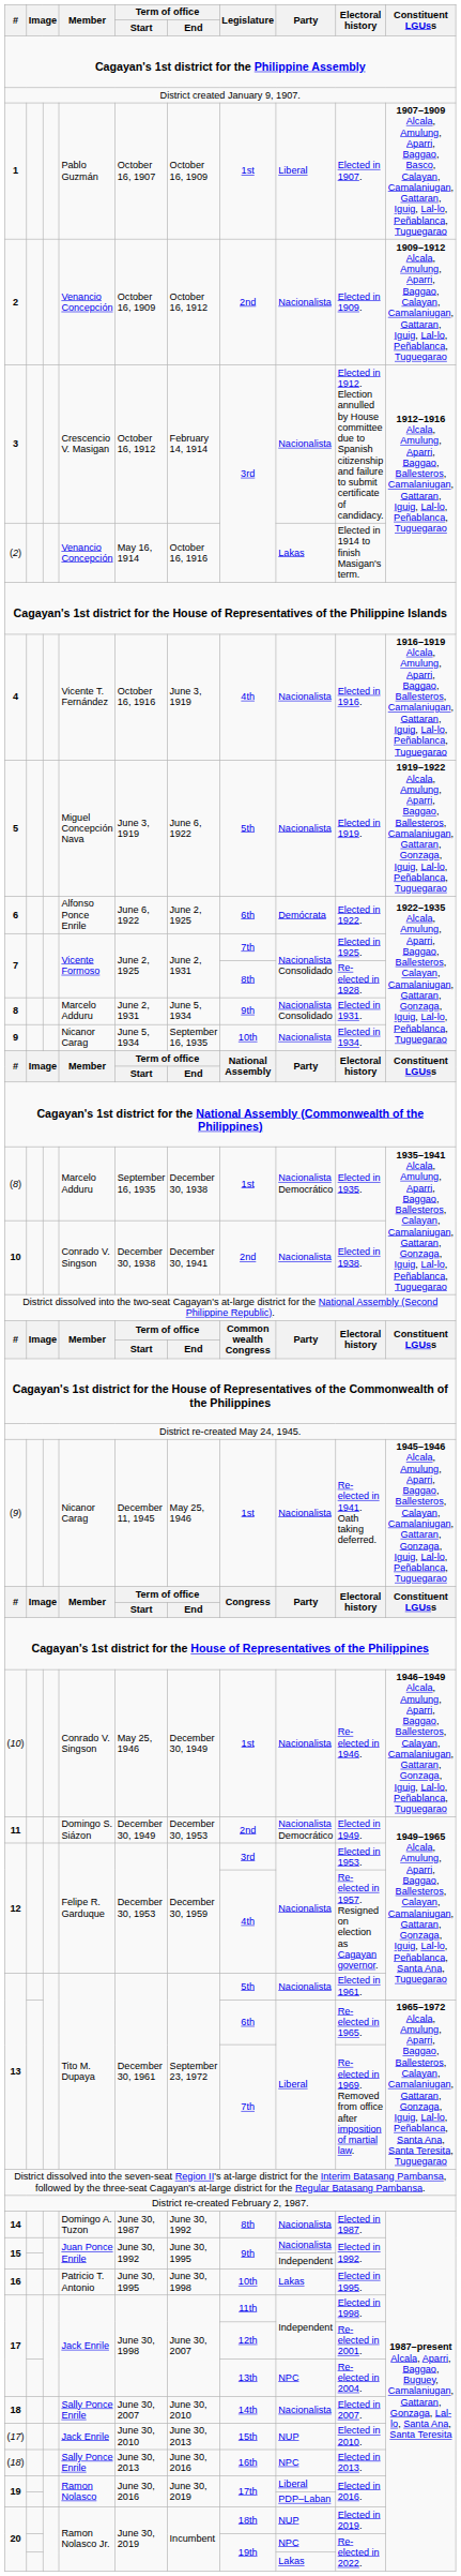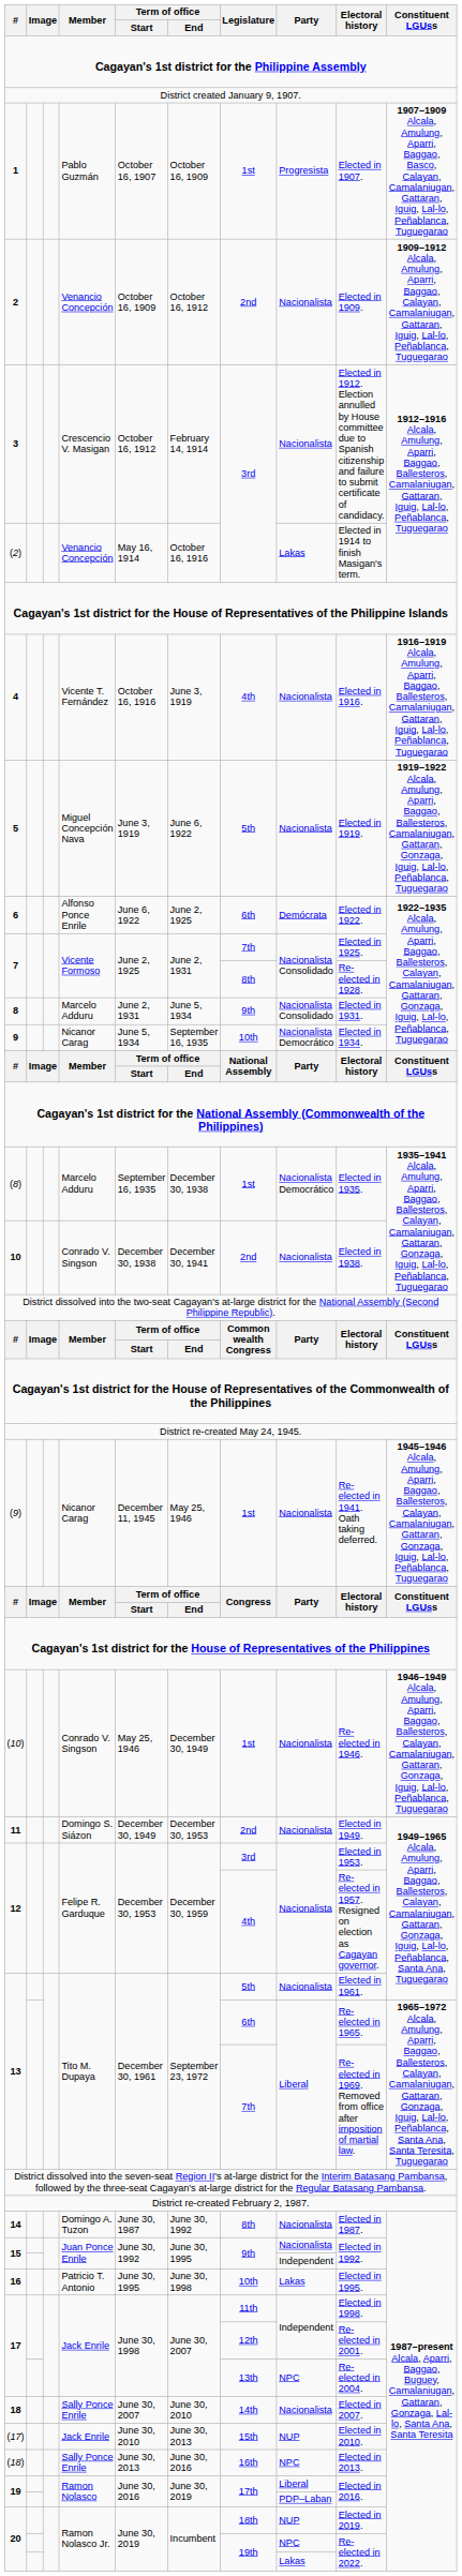 <table class=wikitable>
 <tr>
 <th rowspan="2">#</th>
 <th rowspan="2" colspan=2>Image</th>
 <th rowspan="2">Member</th>
 <th colspan=2>Term of office</th>
 <th rowspan="2">Legislature</th>
 <th rowspan="2">Party</th>
 <th rowspan="2">Electoral history</th>
 <th rowspan="2">Constituent<br><a href='#'>LGUs</a>s</th>
 </tr>
 <tr>
 <th>Start</th>
 <th>End</th>
 </tr>
 <tr>
 <td colspan="10" style="text-align:center;"><br><h3>Cagayan's 1st district for the <a href='#'>Philippine Assembly</a></h3></td>
 </tr>
 <tr>
 <td colspan="10" style="text-align:center;">District created January 9, 1907.</td>
 </tr>
 <tr>
 <td style="text-align:center;"><strong>1</strong></td>
 <td style="color:inherit;background:"></td>
 <td></td>
 <td>Pablo Guzmán</td>
 <td>October 16, 1907</td>
 <td>October 16, 1909</td>
 <td style="text-align:center;"><a href='#'>1st</a></td>
-<td><a href='#'>Liberal</a></td>
+<td><a href='#'>Progresista</a></td>
 <td><a href='#'>Elected in 1907</a>.</td>
 <td style="text-align:center;"><strong>1907–1909</strong><br><a href='#'>Alcala</a>, <a href='#'>Amulung</a>, <a href='#'>Aparri</a>, <a href='#'>Baggao</a>, <a href='#'>Basco</a>, <a href='#'>Calayan</a>, <a href='#'>Camalaniugan</a>, <a href='#'>Gattaran</a>, <a href='#'>Iguig</a>, <a href='#'>Lal-lo</a>, <a href='#'>Peñablanca</a>, <a href='#'>Tuguegarao</a></td>
 </tr>
 <tr>
 <td style="text-align:center;"><strong>2</strong></td>
 <td style="color:inherit;background:"></td>
 <td></td>
 <td><a href='#'>Venancio Concepción</a></td>
 <td>October 16, 1909</td>
 <td>October 16, 1912</td>
 <td style="text-align:center;"><a href='#'>2nd</a></td>
 <td><a href='#'>Nacionalista</a></td>
 <td><a href='#'>Elected in 1909</a>.</td>
 <td style="text-align:center;"><strong>1909–1912</strong><br><a href='#'>Alcala</a>, <a href='#'>Amulung</a>, <a href='#'>Aparri</a>, <a href='#'>Baggao</a>, <a href='#'>Calayan</a>, <a href='#'>Camalaniugan</a>, <a href='#'>Gattaran</a>, <a href='#'>Iguig</a>, <a href='#'>Lal-lo</a>, <a href='#'>Peñablanca</a>, <a href='#'>Tuguegarao</a></td>
 </tr>
 <tr>
 <td style="text-align:center;"><strong>3</strong></td>
 <td style="color:inherit;background:"></td>
 <td></td>
 <td>Crescencio V. Masigan</td>
 <td>October 16, 1912</td>
 <td>February 14, 1914</td>
 <td rowspan="2" style="text-align:center;"><a href='#'>3rd</a></td>
 <td><a href='#'>Nacionalista</a></td>
 <td><a href='#'>Elected in 1912</a>.<br>Election annulled by House committee due to Spanish citizenship and failure to submit certificate of candidacy.</td>
 <td rowspan="2" style="text-align:center;"><strong>1912–1916</strong><br><a href='#'>Alcala</a>, <a href='#'>Amulung</a>, <a href='#'>Aparri</a>, <a href='#'>Baggao</a>, <a href='#'>Ballesteros</a>, <a href='#'>Camalaniugan</a>, <a href='#'>Gattaran</a>, <a href='#'>Iguig</a>, <a href='#'>Lal-lo</a>, <a href='#'>Peñablanca</a>, <a href='#'>Tuguegarao</a></td>
 </tr>
 <tr>
 <td style="text-align:center;">(<em>2</em>)</td>
 <td style="color:inherit;background:"></td>
 <td></td>
 <td><a href='#'>Venancio Concepción</a></td>
 <td>May 16, 1914</td>
 <td>October 16, 1916</td>
 <td><a href='#'>Lakas</a></td>
 <td>Elected in 1914 to finish Masigan's term.</td>
 </tr>
 <tr>
 <td colspan="10" style="text-align:center;"><br><h3>Cagayan's 1st district for the House of Representatives of the Philippine Islands</h3></td>
 </tr>
 <tr>
 <td style="text-align:center;"><strong>4</strong></td>
 <td style="color:inherit;background:"></td>
 <td></td>
 <td>Vicente T. Fernández</td>
 <td>October 16, 1916</td>
 <td>June 3, 1919</td>
 <td style="text-align:center;"><a href='#'>4th</a></td>
 <td><a href='#'>Nacionalista</a></td>
 <td><a href='#'>Elected in 1916</a>.</td>
 <td style="text-align:center;"><strong>1916–1919</strong><br><a href='#'>Alcala</a>, <a href='#'>Amulung</a>, <a href='#'>Aparri</a>, <a href='#'>Baggao</a>, <a href='#'>Ballesteros</a>, <a href='#'>Camalaniugan</a>, <a href='#'>Gattaran</a>, <a href='#'>Iguig</a>, <a href='#'>Lal-lo</a>, <a href='#'>Peñablanca</a>, <a href='#'>Tuguegarao</a></td>
 </tr>
 <tr>
 <td style="text-align:center;"><strong>5</strong></td>
 <td style="color:inherit;background:"></td>
 <td></td>
 <td>Miguel Concepción Nava</td>
 <td>June 3, 1919</td>
 <td>June 6, 1922</td>
 <td style="text-align:center;"><a href='#'>5th</a></td>
 <td><a href='#'>Nacionalista</a></td>
 <td><a href='#'>Elected in 1919</a>.</td>
 <td style="text-align:center;"><strong>1919–1922</strong><br><a href='#'>Alcala</a>, <a href='#'>Amulung</a>, <a href='#'>Aparri</a>, <a href='#'>Baggao</a>, <a href='#'>Ballesteros</a>, <a href='#'>Camalaniugan</a>, <a href='#'>Gattaran</a>, <a href='#'>Gonzaga</a>, <a href='#'>Iguig</a>, <a href='#'>Lal-lo</a>, <a href='#'>Peñablanca</a>, <a href='#'>Tuguegarao</a></td>
 </tr>
 <tr>
 <td style="text-align:center;"><strong>6</strong></td>
 <td style="color:inherit;background:"></td>
 <td></td>
 <td>Alfonso Ponce Enrile</td>
 <td>June 6, 1922</td>
 <td>June 2, 1925</td>
 <td style="text-align:center;"><a href='#'>6th</a></td>
 <td><a href='#'>Demócrata</a></td>
 <td><a href='#'>Elected in 1922</a>.</td>
 <td rowspan="5" style="text-align:center;"><strong>1922–1935</strong><br><a href='#'>Alcala</a>, <a href='#'>Amulung</a>, <a href='#'>Aparri</a>, <a href='#'>Baggao</a>, <a href='#'>Ballesteros</a>, <a href='#'>Calayan</a>, <a href='#'>Camalaniugan</a>, <a href='#'>Gattaran</a>, <a href='#'>Gonzaga</a>, <a href='#'>Iguig</a>, <a href='#'>Lal-lo</a>, <a href='#'>Peñablanca</a>, <a href='#'>Tuguegarao</a></td>
 </tr>
 <tr>
 <td rowspan="2" style="text-align:center;"><strong>7</strong></td>
 <td rowspan="2" style="color:inherit;background:"></td>
 <td rowspan="2"></td>
 <td rowspan="2"><a href='#'>Vicente Formoso</a></td>
 <td rowspan="2">June 2, 1925</td>
 <td rowspan="2">June 2, 1931</td>
 <td style="text-align:center;"><a href='#'>7th</a></td>
 <td rowspan="2"><a href='#'>Nacionalista</a><br>Consolidado</td>
 <td><a href='#'>Elected in 1925</a>.</td>
 </tr>
 <tr>
 <td style="text-align:center;"><a href='#'>8th</a></td>
 <td><a href='#'>Re-elected in 1928</a>.</td>
 </tr>
 <tr>
 <td style="text-align:center;"><strong>8</strong></td>
 <td style="color:inherit;background:"></td>
 <td></td>
 <td>Marcelo Adduru</td>
 <td>June 2, 1931</td>
 <td>June 5, 1934</td>
 <td style="text-align:center;"><a href='#'>9th</a></td>
 <td><a href='#'>Nacionalista</a><br>Consolidado</td>
 <td><a href='#'>Elected in 1931</a>.</td>
 </tr>
 <tr>
 <td style="text-align:center;"><strong>9</strong></td>
 <td style="color:inherit;background:"></td>
 <td></td>
 <td>Nicanor Carag</td>
 <td>June 5, 1934</td>
 <td>September 16, 1935</td>
 <td style="text-align:center;"><a href='#'>10th</a></td>
-<td><a href='#'>Nacionalista</a></td>
+<td><a href='#'>Nacionalista</a><br>Democrático</td>
 <td><a href='#'>Elected in 1934</a>.</td>
 </tr>
 <tr>
 <th rowspan="2">#</th>
 <th rowspan="2" colspan=2>Image</th>
 <th rowspan="2">Member</th>
 <th colspan=2>Term of office</th>
 <th rowspan="2">National<br>Assembly</th>
 <th rowspan="2">Party</th>
 <th rowspan="2">Electoral history</th>
 <th rowspan="2">Constituent<br><a href='#'>LGUs</a>s</th>
 </tr>
 <tr>
 <th>Start</th>
 <th>End</th>
 </tr>
 <tr>
 <td colspan="10" style="text-align:center;"><br><h3>Cagayan's 1st district for the <a href='#'>National Assembly (Commonwealth of the Philippines)</a></h3></td>
 </tr>
 <tr>
 <td style="text-align:center;">(<em>8</em>)</td>
 <td style="color:inherit;background:"></td>
 <td></td>
 <td>Marcelo Adduru</td>
 <td>September 16, 1935</td>
 <td>December 30, 1938</td>
 <td style="text-align:center;"><a href='#'>1st</a></td>
 <td><a href='#'>Nacionalista</a><br>Democrático</td>
 <td><a href='#'>Elected in 1935</a>.</td>
 <td rowspan="2" style="text-align:center;"><strong>1935–1941</strong><br><a href='#'>Alcala</a>, <a href='#'>Amulung</a>, <a href='#'>Aparri</a>, <a href='#'>Baggao</a>, <a href='#'>Ballesteros</a>, <a href='#'>Calayan</a>, <a href='#'>Camalaniugan</a>, <a href='#'>Gattaran</a>, <a href='#'>Gonzaga</a>, <a href='#'>Iguig</a>, <a href='#'>Lal-lo</a>, <a href='#'>Peñablanca</a>, <a href='#'>Tuguegarao</a></td>
 </tr>
 <tr>
 <td style="text-align:center;"><strong>10</strong></td>
 <td style="color:inherit;background:"></td>
 <td></td>
 <td>Conrado V. Singson</td>
 <td>December 30, 1938</td>
 <td>December 30, 1941</td>
 <td style="text-align:center;"><a href='#'>2nd</a></td>
 <td><a href='#'>Nacionalista</a></td>
 <td><a href='#'>Elected in 1938</a>.</td>
 </tr>
 <tr>
 <td colspan="10" style="text-align:center;">District dissolved into the two-seat Cagayan's at-large district for the <a href='#'>National Assembly (Second Philippine Republic)</a>.</td>
 </tr>
 <tr>
 <th rowspan="2">#</th>
 <th rowspan="2" colspan=2>Image</th>
 <th rowspan="2">Member</th>
 <th colspan=2>Term of office</th>
 <th rowspan="2">Common<br>wealth<br>Congress</th>
 <th rowspan="2">Party</th>
 <th rowspan="2">Electoral history</th>
 <th rowspan="2">Constituent<br><a href='#'>LGUs</a>s</th>
 </tr>
 <tr>
 <th>Start</th>
 <th>End</th>
 </tr>
 <tr>
 <td colspan="10" style="text-align:center;"><br><h3>Cagayan's 1st district for the House of Representatives of the Commonwealth of the Philippines</h3></td>
 </tr>
 <tr>
 <td colspan="10" style="text-align:center;">District re-created May 24, 1945.</td>
 </tr>
 <tr>
 <td style="text-align:center;">(<em>9</em>)</td>
 <td style="color:inherit;background:"></td>
 <td></td>
 <td>Nicanor Carag</td>
 <td>December  11, 1945</td>
 <td>May 25, 1946</td>
 <td style="text-align:center;"><a href='#'>1st</a></td>
 <td><a href='#'>Nacionalista</a></td>
 <td><a href='#'>Re-elected in 1941</a>.<br>Oath taking deferred.</td>
 <td style="text-align:center;"><strong>1945–1946</strong><br><a href='#'>Alcala</a>, <a href='#'>Amulung</a>, <a href='#'>Aparri</a>, <a href='#'>Baggao</a>, <a href='#'>Ballesteros</a>, <a href='#'>Calayan</a>, <a href='#'>Camalaniugan</a>, <a href='#'>Gattaran</a>, <a href='#'>Gonzaga</a>, <a href='#'>Iguig</a>, <a href='#'>Lal-lo</a>, <a href='#'>Peñablanca</a>, <a href='#'>Tuguegarao</a></td>
 </tr>
 <tr>
 <th rowspan="2">#</th>
 <th rowspan="2" colspan=2>Image</th>
 <th rowspan="2">Member</th>
 <th colspan=2>Term of office</th>
 <th rowspan="2">Congress</th>
 <th rowspan="2">Party</th>
 <th rowspan="2">Electoral history</th>
 <th rowspan="2">Constituent<br><a href='#'>LGUs</a>s</th>
 </tr>
 <tr>
 <th>Start</th>
 <th>End</th>
 </tr>
 <tr>
 <td colspan="10" style="text-align:center;"><br><h3>Cagayan's 1st district for the <a href='#'>House of Representatives of the Philippines</a></h3></td>
 </tr>
 <tr>
 <td style="text-align:center;">(<em>10</em>)</td>
 <td style="color:inherit;background:"></td>
 <td></td>
 <td>Conrado V. Singson</td>
 <td>May 25, 1946</td>
 <td>December 30, 1949</td>
 <td style="text-align:center;"><a href='#'>1st</a></td>
 <td><a href='#'>Nacionalista</a></td>
 <td><a href='#'>Re-elected in 1946</a>.</td>
 <td style="text-align:center;"><strong>1946–1949</strong><br><a href='#'>Alcala</a>, <a href='#'>Amulung</a>, <a href='#'>Aparri</a>, <a href='#'>Baggao</a>, <a href='#'>Ballesteros</a>, <a href='#'>Calayan</a>, <a href='#'>Camalaniugan</a>, <a href='#'>Gattaran</a>, <a href='#'>Gonzaga</a>, <a href='#'>Iguig</a>, <a href='#'>Lal-lo</a>, <a href='#'>Peñablanca</a>, <a href='#'>Tuguegarao</a></td>
 </tr>
 <tr>
 <td style="text-align:center;"><strong>11</strong></td>
 <td style="color:inherit;background:"></td>
 <td></td>
 <td>Domingo S. Siázon</td>
 <td>December 30, 1949</td>
 <td>December 30, 1953</td>
 <td style="text-align:center;"><a href='#'>2nd</a></td>
-<td><a href='#'>Nacionalista</a><br>Democrático</td>
+<td><a href='#'>Nacionalista</a></td>
 <td><a href='#'>Elected in 1949</a>.</td>
 <td rowspan="4" style="text-align:center;"><strong>1949–1965</strong><br><a href='#'>Alcala</a>, <a href='#'>Amulung</a>, <a href='#'>Aparri</a>, <a href='#'>Baggao</a>, <a href='#'>Ballesteros</a>, <a href='#'>Calayan</a>, <a href='#'>Camalaniugan</a>, <a href='#'>Gattaran</a>, <a href='#'>Gonzaga</a>, <a href='#'>Iguig</a>, <a href='#'>Lal-lo</a>, <a href='#'>Peñablanca</a>, <a href='#'>Santa Ana</a>, <a href='#'>Tuguegarao</a></td>
 </tr>
 <tr>
 <td rowspan="2" style="text-align:center;"><strong>12</strong></td>
 <td rowspan="2" style="color:inherit;background:"></td>
 <td rowspan="2"></td>
 <td rowspan="2">Felipe R. Garduque</td>
 <td rowspan="2">December 30, 1953</td>
 <td rowspan="2">December 30, 1959</td>
 <td style="text-align:center;"><a href='#'>3rd</a></td>
 <td rowspan="2"><a href='#'>Nacionalista</a></td>
 <td><a href='#'>Elected in 1953</a>.</td>
 </tr>
 <tr>
 <td style="text-align:center;"><a href='#'>4th</a></td>
 <td><a href='#'>Re-elected in 1957</a>.<br>Resigned on election as <a href='#'>Cagayan governor</a>.</td>
 </tr>
 <tr>
 <td rowspan="3" style="text-align:center;"><strong>13</strong></td>
 <td style="color:inherit;background:"></td>
 <td rowspan="3"></td>
 <td rowspan="3">Tito M. Dupaya</td>
 <td rowspan="3">December 30, 1961</td>
 <td rowspan="3">September 23, 1972</td>
 <td style="text-align:center;"><a href='#'>5th</a></td>
 <td><a href='#'>Nacionalista</a></td>
 <td><a href='#'>Elected in 1961</a>.</td>
 </tr>
 <tr>
 <td rowspan="2" style="color:inherit;background:"></td>
 <td style="text-align:center;"><a href='#'>6th</a></td>
 <td rowspan="2"><a href='#'>Liberal</a></td>
 <td><a href='#'>Re-elected in 1965</a>.</td>
 <td rowspan="2" style="text-align:center;"><strong>1965–1972</strong><br><a href='#'>Alcala</a>, <a href='#'>Amulung</a>, <a href='#'>Aparri</a>, <a href='#'>Baggao</a>, <a href='#'>Ballesteros</a>, <a href='#'>Calayan</a>, <a href='#'>Camalaniugan</a>, <a href='#'>Gattaran</a>, <a href='#'>Gonzaga</a>, <a href='#'>Iguig</a>, <a href='#'>Lal-lo</a>, <a href='#'>Peñablanca</a>, <a href='#'>Santa Ana</a>, <a href='#'>Santa Teresita</a>, <a href='#'>Tuguegarao</a></td>
 </tr>
 <tr>
 <td style="text-align:center;"><a href='#'>7th</a></td>
 <td><a href='#'>Re-elected in 1969</a>.<br>Removed from office after <a href='#'>imposition of martial law</a>.</td>
 </tr>
 <tr>
 <td colspan="10" style="text-align:center;">District dissolved into the seven-seat <a href='#'>Region II</a>'s at-large district for the <a href='#'>Interim Batasang Pambansa</a>, followed by the three-seat Cagayan's at-large district for the <a href='#'>Regular Batasang Pambansa</a>.</td>
 </tr>
 <tr>
 <td colspan="10" style="text-align:center;">District re-created February 2, 1987.</td>
 </tr>
 <tr>
 <td style="text-align:center;"><strong>14</strong></td>
 <td style="color:inherit;background:"></td>
 <td></td>
 <td>Domingo A. Tuzon</td>
 <td>June 30, 1987</td>
 <td>June 30, 1992</td>
 <td style="text-align:center;"><a href='#'>8th</a></td>
 <td><a href='#'>Nacionalista</a></td>
 <td><a href='#'>Elected in 1987</a>.</td>
 <td rowspan="15" style="text-align:center;"><strong>1987–present</strong><br><a href='#'>Alcala</a>, <a href='#'>Aparri</a>, <a href='#'>Baggao</a>, <a href='#'>Buguey</a>, <a href='#'>Camalaniugan</a>, <a href='#'>Gattaran</a>, <a href='#'>Gonzaga</a>, <a href='#'>Lal-lo</a>, <a href='#'>Santa Ana</a>, <a href='#'>Santa Teresita</a></td>
 </tr>
 <tr>
 <td style="text-align:center;" rowspan="2"><strong>15</strong></td>
 <td style="color:inherit;background:"></td>
 <td rowspan="2"></td>
 <td rowspan="2"><a href='#'>Juan Ponce Enrile</a></td>
 <td rowspan="2">June 30, 1992</td>
 <td rowspan="2">June 30, 1995</td>
 <td style="text-align:center;" rowspan="2"><a href='#'>9th</a></td>
 <td><a href='#'>Nacionalista</a></td>
 <td rowspan="2"><a href='#'>Elected in 1992</a>.</td>
 </tr>
 <tr>
 <td style="color:inherit;background:"></td>
 <td>Independent</td>
 </tr>
 <tr>
 <td style="text-align:center;"><strong>16</strong></td>
 <td style="color:inherit;background:"></td>
 <td></td>
 <td>Patricio T. Antonio</td>
 <td>June 30, 1995</td>
 <td>June 30, 1998</td>
 <td style="text-align:center;"><a href='#'>10th</a></td>
 <td><a href='#'>Lakas</a></td>
 <td><a href='#'>Elected in 1995</a>.</td>
 </tr>
 <tr>
 <td rowspan="3" style="text-align:center;"><strong>17</strong></td>
 <td rowspan="2" style="color:inherit;background:"></td>
 <td rowspan="3"></td>
 <td rowspan="3"><a href='#'>Jack Enrile</a></td>
 <td rowspan="3">June 30, 1998</td>
 <td rowspan="3">June 30, 2007</td>
 <td style="text-align:center;"><a href='#'>11th</a></td>
 <td rowspan="2">Independent</td>
 <td><a href='#'>Elected in 1998</a>.</td>
 </tr>
 <tr>
 <td style="text-align:center;"><a href='#'>12th</a></td>
 <td><a href='#'>Re-elected in 2001</a>.</td>
 </tr>
 <tr>
 <td style="color:inherit;background:"></td>
 <td style="text-align:center;"><a href='#'>13th</a></td>
 <td><a href='#'>NPC</a></td>
 <td><a href='#'>Re-elected in 2004</a>.</td>
 </tr>
 <tr>
 <td style="text-align:center;"><strong>18</strong></td>
 <td style="color:inherit;background:"></td>
 <td></td>
 <td><a href='#'>Sally Ponce Enrile</a></td>
 <td>June 30, 2007</td>
 <td>June 30, 2010</td>
 <td style="text-align:center;"><a href='#'>14th</a></td>
 <td><a href='#'>Nacionalista</a></td>
 <td><a href='#'>Elected in 2007</a>.</td>
 </tr>
 <tr>
 <td style="text-align:center;">(<em>17</em>)</td>
 <td style="color:inherit;background:"></td>
 <td></td>
 <td><a href='#'>Jack Enrile</a></td>
 <td>June 30, 2010</td>
 <td>June 30, 2013</td>
 <td style="text-align:center;"><a href='#'>15th</a></td>
 <td><a href='#'>NUP</a></td>
 <td><a href='#'>Elected in 2010</a>.</td>
 </tr>
 <tr>
 <td style="text-align:center;">(<em>18</em>)</td>
 <td style="color:inherit;background:"></td>
 <td></td>
 <td><a href='#'>Sally Ponce Enrile</a></td>
 <td>June 30, 2013</td>
 <td>June 30, 2016</td>
 <td style="text-align:center;"><a href='#'>16th</a></td>
 <td><a href='#'>NPC</a></td>
 <td><a href='#'>Elected in 2013</a>.</td>
 </tr>
 <tr>
 <td rowspan=2 style="text-align:center;"><strong>19</strong></td>
 <td style="color:inherit;background:"></td>
 <td rowspan=2></td>
 <td rowspan=2><a href='#'>Ramon Nolasco</a></td>
 <td rowspan=2>June 30, 2016</td>
 <td rowspan=2>June 30, 2019</td>
 <td rowspan=2 style="text-align:center;"><a href='#'>17th</a></td>
 <td><a href='#'>Liberal</a></td>
 <td rowspan=2><a href='#'>Elected in 2016</a>.</td>
 </tr>
 <tr>
 <td style="color:inherit;background:"></td>
 <td><a href='#'>PDP–Laban</a></td>
 </tr>
 <tr>
 <td rowspan="3" style="text-align:center;"><strong>20</strong></td>
 <td style="color:inherit;background:"></td>
 <td rowspan="3"></td>
 <td rowspan="3">Ramon Nolasco Jr.</td>
 <td rowspan="3">June 30, 2019</td>
 <td rowspan="3">Incumbent</td>
 <td style="text-align:center;"><a href='#'>18th</a></td>
 <td><a href='#'>NUP</a></td>
 <td><a href='#'>Elected in 2019</a>.</td>
 </tr>
 <tr>
 <td style="color:inherit;background:"></td>
 <td style="text-align:center;" rowspan="2"><a href='#'>19th</a></td>
 <td><a href='#'>NPC</a></td>
 <td rowspan="2"><a href='#'>Re-elected in 2022</a>.</td>
 </tr>
 <tr>
 <td style="color:inherit;background:"></td>
 <td><a href='#'>Lakas</a></td>
 </tr>
 </table>
